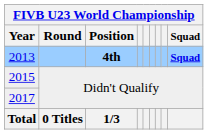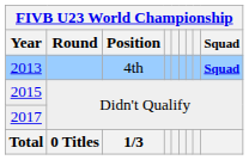 <table class="wikitable" style="text-align: center;">
 <tr>
 <th colspan=9><a href='#'>FIVB U23 World Championship</a></th>
 </tr>
 <tr>
 <th>Year</th>
 <th>Round</th>
 <th>Position</th>
 <th></th>
 <th></th>
 <th></th>
 <th></th>
 <th></th>
 <th><small>Squad</small></th>
 </tr>
 <tr bgcolor=9acdff>
 <td> <a href='#'>2013</a></td>
 <td></td>
-<td><strong>4th</strong></td>
+<td>4th</td>
 <td></td>
 <td></td>
 <td></td>
 <td></td>
 <td></td>
 <td><strong><small> <a href='#'>Squad</a></small></strong></td>
 </tr>
 <tr bgcolor="efefef">
 <td> <a href='#'>2015</a></td>
 <td colspan=9 rowspan=2>Didn't Qualify</td>
 </tr>
 <tr bgcolor="efefef">
 <td> <a href='#'>2017</a></td>
 </tr>
 <tr>
 <th>Total</th>
 <th>0 Titles</th>
 <th>1/3</th>
 <th></th>
 <th></th>
 <th></th>
 <th></th>
 <th></th>
 <th></th>
 </tr>
 </table>
